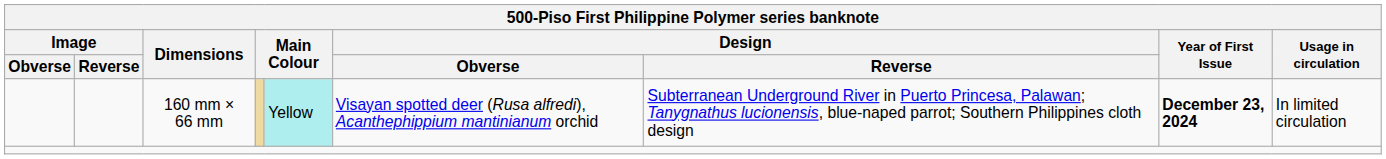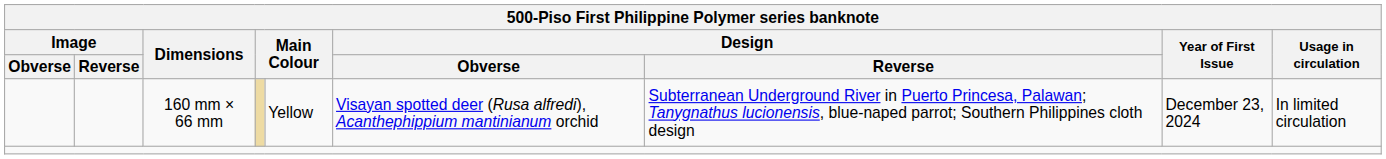 <table class="wikitable" style="margin:auto; font-size:90%;">
 <tr>
 <th colspan="9">500-Piso First Philippine Polymer series banknote</th>
 </tr>
 <tr>
 <th colspan="2">Image</th>
 <th rowspan="2">Dimensions</th>
 <th colspan="2" rowspan="2">Main Colour</th>
 <th colspan="2">Design</th>
 <th rowspan="2"><small>Year of First Issue</small></th>
 <th rowspan="2"><small>Usage in circulation</small></th>
 </tr>
 <tr>
 <th>Obverse</th>
 <th>Reverse</th>
 <th>Obverse</th>
 <th>Reverse</th>
 </tr>
 <tr style="height:62px">
 <td style="text-align:center;"></td>
 <td style="text-align:center;"></td>
 <td style="text-align:center;">160 mm × 66 mm</td>
 <td style="text-align:center; background:#eedba3;"></td>
-<td style="background: paleturquoise;">Yellow</td>
+<td>Yellow</td>
 <td><a href='#'>Visayan spotted deer</a> (<em>Rusa alfredi</em>), <a href='#'><em>Acanthephippium mantinianum</em></a> orchid</td>
 <td><a href='#'>Subterranean Underground River</a> in <a href='#'>Puerto Princesa, Palawan</a>; <em><a href='#'>Tanygnathus lucionensis</a></em>, blue-naped parrot; Southern Philippines cloth design</td>
-<td><strong>December 23, 2024</strong></td>
+<td>December 23, 2024</td>
 <td>In limited circulation</td>
 </tr>
 <tr>
 <td colspan="9"></td>
 </tr>
 </table>
